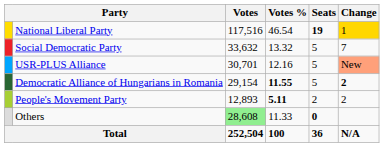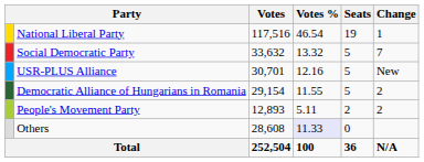 <table class="wikitable sortable">
 <tr>
 <th colspan="2">Party</th>
 <th>Votes</th>
 <th>Votes %</th>
 <th>Seats</th>
 <th>Change</th>
 </tr>
 <tr>
 <td width="5" style="background:#ffdd00;"></td>
 <td><a href='#'>National Liberal Party</a></td>
 <td>117,516</td>
 <td>46.54</td>
-<td><strong>19</strong></td>
-<td style="background: gold;">1</td>
+<td>19</td>
+<td>1</td>
 </tr>
 <tr>
 <td width="5" style="background:#ed2128;"></td>
 <td><a href='#'>Social Democratic Party</a></td>
 <td>33,632</td>
 <td>13.32</td>
 <td>5</td>
 <td>7</td>
 </tr>
 <tr>
 <td width="5" style="background:#00a6ff;"></td>
 <td><a href='#'>USR-PLUS Alliance</a></td>
 <td>30,701</td>
 <td>12.16</td>
 <td>5</td>
-<td style="background: lightsalmon;">New</td>
+<td>New</td>
 </tr>
 <tr>
 <td width="5" style="background:#296633;"></td>
 <td><a href='#'>Democratic Alliance of Hungarians in Romania</a></td>
 <td>29,154</td>
-<td><strong>11.55</strong></td>
+<td>11.55</td>
 <td>5</td>
-<td><strong>2</strong></td>
+<td>2</td>
 </tr>
 <tr>
 <td width="5" style="background:#a7cf35;"></td>
 <td><a href='#'>People's Movement Party</a></td>
 <td>12,893</td>
-<td><strong>5.11</strong></td>
+<td>5.11</td>
 <td>2</td>
 <td>2</td>
 </tr>
 <tr>
 <td width="5" style="background:#dcdcdc;"></td>
 <td>Others</td>
-<td style="background: lightgreen;">28,608</td>
-<td>11.33</td>
-<td><strong>0</strong></td>
+<td>28,608</td>
+<td style="background: lavender;">11.33</td>
+<td>0</td>
 <td></td>
 </tr>
 <tr>
 <th colspan="2">Total</th>
 <td><strong>252,504</strong></td>
 <td><strong>100</strong></td>
 <td><strong>36</strong></td>
 <td><strong>N/A</strong></td>
 </tr>
 </table>
